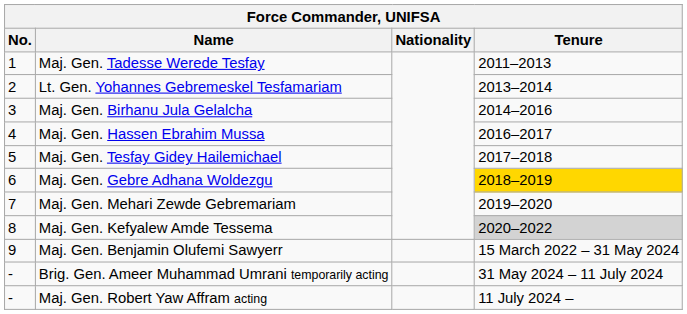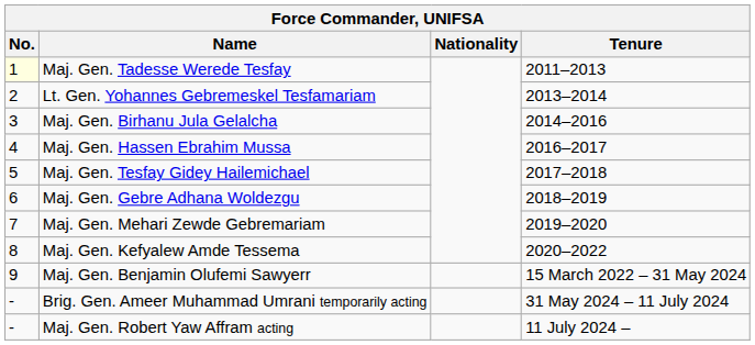 <table class="wikitable" style="font-size:90%; text-align:left;">
 <tr>
 <th colspan="4">Force Commander, UNIFSA</th>
 </tr>
 <tr>
 <th>No.</th>
 <th>Name</th>
 <th>Nationality</th>
 <th>Tenure</th>
 </tr>
 <tr>
-<td>1</td>
+<td style="background: lightyellow;">1</td>
 <td>Maj. Gen. <a href='#'>Tadesse Werede Tesfay</a></td>
 <td rowspan="8"></td>
 <td>2011–2013</td>
 </tr>
 <tr>
 <td>2</td>
 <td>Lt. Gen. <a href='#'>Yohannes Gebremeskel Tesfamariam</a></td>
 <td>2013–2014</td>
 </tr>
 <tr>
 <td>3</td>
 <td>Maj. Gen. <a href='#'>Birhanu Jula Gelalcha</a></td>
 <td>2014–2016</td>
 </tr>
 <tr>
 <td>4</td>
 <td>Maj. Gen. <a href='#'>Hassen Ebrahim Mussa</a></td>
 <td>2016–2017</td>
 </tr>
 <tr>
 <td>5</td>
 <td>Maj. Gen. <a href='#'>Tesfay Gidey Hailemichael</a></td>
 <td>2017–2018</td>
 </tr>
 <tr>
 <td>6</td>
 <td>Maj. Gen. <a href='#'>Gebre Adhana Woldezgu</a></td>
-<td style="background: gold;">2018–2019</td>
+<td>2018–2019</td>
 </tr>
 <tr>
 <td>7</td>
 <td>Maj. Gen. Mehari Zewde Gebremariam</td>
 <td>2019–2020</td>
 </tr>
 <tr>
 <td>8</td>
 <td>Maj. Gen. Kefyalew Amde Tessema</td>
-<td style="background: lightgrey;">2020–2022</td>
+<td>2020–2022</td>
 </tr>
 <tr>
 <td>9</td>
 <td>Maj. Gen. Benjamin Olufemi Sawyerr</td>
 <td rowspan="1"></td>
 <td>15 March 2022 – 31 May 2024</td>
 </tr>
 <tr>
 <td>-</td>
 <td>Brig. Gen. Ameer Muhammad Umrani <small>temporarily acting</small></td>
 <td></td>
 <td>31 May 2024 – 11 July 2024</td>
 </tr>
 <tr>
 <td>-</td>
 <td>Maj. Gen. Robert Yaw Affram <small>acting</small></td>
 <td></td>
 <td>11 July 2024 –</td>
 </tr>
 </table>
